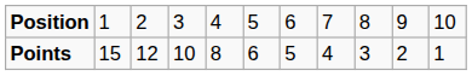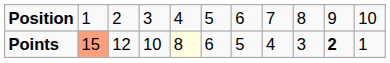 <table class="wikitable" style="font-size: 90%">
 <tr>
 <td><strong>Position</strong></td>
 <td width=20>1</td>
 <td width=20>2</td>
 <td width=20>3</td>
 <td width=20>4</td>
 <td width=20>5</td>
 <td width=20>6</td>
 <td width=20>7</td>
 <td width=20>8</td>
 <td width=20>9</td>
 <td width=20>10</td>
 </tr>
 <tr>
 <td><strong>Points</strong></td>
-<td>15</td>
+<td style="background: lightsalmon;">15</td>
 <td>12</td>
 <td>10</td>
-<td>8</td>
+<td style="background: lightyellow;">8</td>
 <td>6</td>
 <td>5</td>
 <td>4</td>
 <td>3</td>
-<td>2</td>
+<td><strong>2</strong></td>
 <td>1</td>
 </tr>
 </table>
